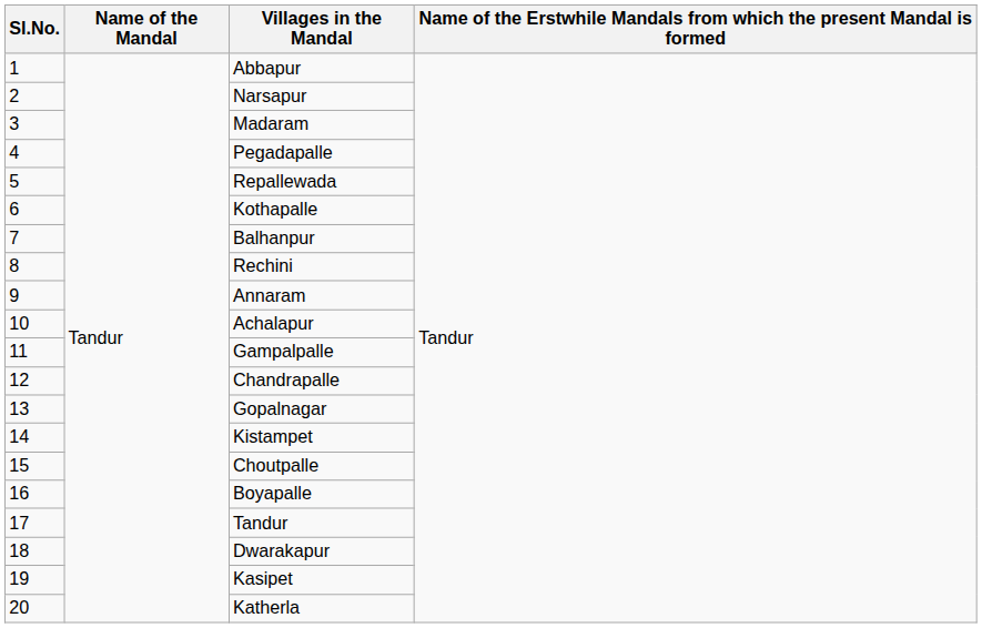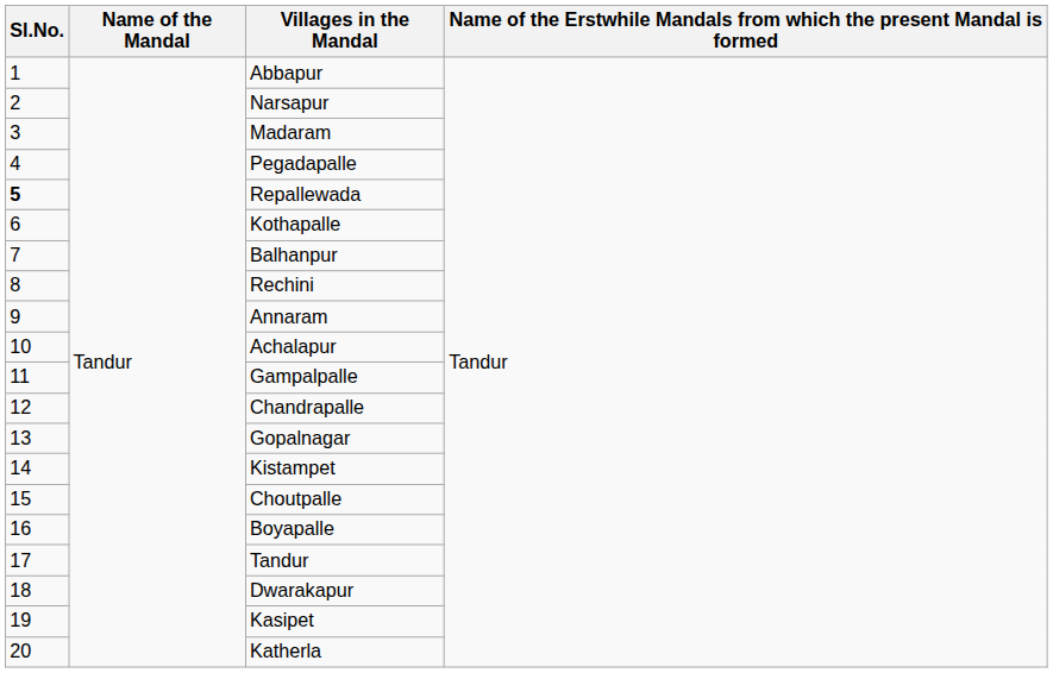 <table class="wikitable">
 <tr>
 <th>Sl.No.</th>
 <th>Name of the Mandal</th>
 <th>Villages in the Mandal</th>
 <th>Name of the Erstwhile Mandals from which the present Mandal is formed</th>
 </tr>
 <tr>
 <td>1</td>
 <td rowspan="20">Tandur</td>
 <td>Abbapur</td>
 <td rowspan="20">Tandur</td>
 </tr>
 <tr>
 <td>2</td>
 <td>Narsapur</td>
 </tr>
 <tr>
 <td>3</td>
 <td>Madaram</td>
 </tr>
 <tr>
 <td>4</td>
 <td>Pegadapalle</td>
 </tr>
 <tr>
-<td>5</td>
+<td><strong>5</strong></td>
 <td>Repallewada</td>
 </tr>
 <tr>
 <td>6</td>
 <td>Kothapalle</td>
 </tr>
 <tr>
 <td>7</td>
 <td>Balhanpur</td>
 </tr>
 <tr>
 <td>8</td>
 <td>Rechini</td>
 </tr>
 <tr>
 <td>9</td>
 <td>Annaram</td>
 </tr>
 <tr>
 <td>10</td>
 <td>Achalapur</td>
 </tr>
 <tr>
 <td>11</td>
 <td>Gampalpalle</td>
 </tr>
 <tr>
 <td>12</td>
 <td>Chandrapalle</td>
 </tr>
 <tr>
 <td>13</td>
 <td>Gopalnagar</td>
 </tr>
 <tr>
 <td>14</td>
 <td>Kistampet</td>
 </tr>
 <tr>
 <td>15</td>
 <td>Choutpalle</td>
 </tr>
 <tr>
 <td>16</td>
 <td>Boyapalle</td>
 </tr>
 <tr>
 <td>17</td>
 <td>Tandur</td>
 </tr>
 <tr>
 <td>18</td>
 <td>Dwarakapur</td>
 </tr>
 <tr>
 <td>19</td>
 <td>Kasipet</td>
 </tr>
 <tr>
 <td>20</td>
 <td>Katherla</td>
 </tr>
 </table>
